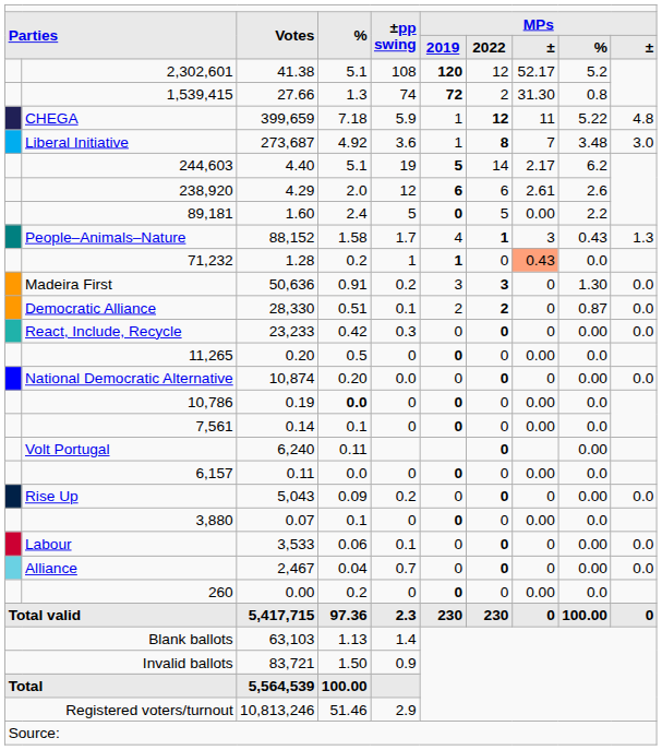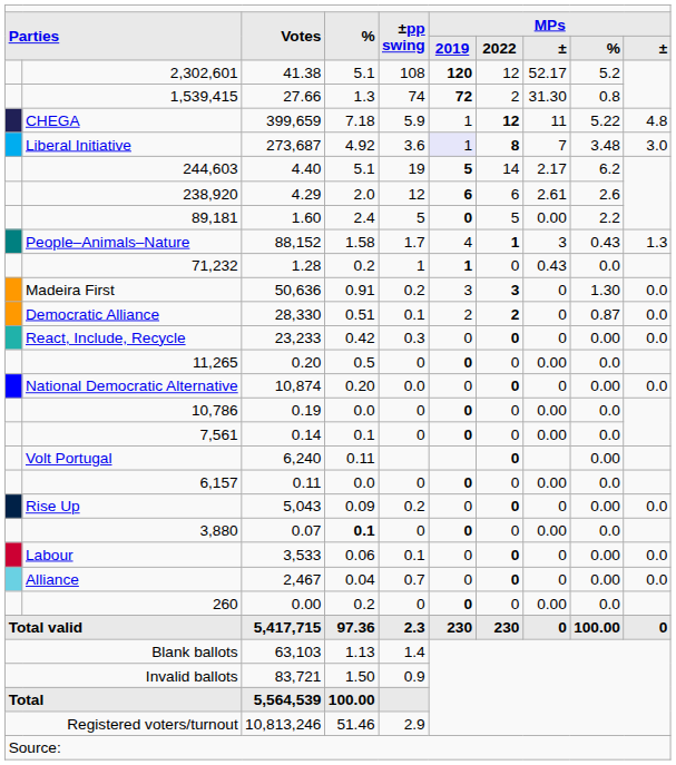 <table class="wikitable" style="text-align:right; font-size:95%;">
 <tr>
 <td colspan=10></td>
 </tr>
 <tr>
 <th rowspan="2" colspan="2" style="background:#e9e9e9; text-align:left;" alignleft><a href='#'>Parties</a></th>
 <th rowspan="2" style="background:#e9e9e9; text-align:right;">Votes</th>
 <th rowspan="2" style="background:#e9e9e9; text-align:right;">%</th>
 <th rowspan="2" style="background:#e9e9e9; text-align:right;">±<a href='#'>pp</a> <a href='#'>swing</a></th>
 <th colspan="5" style="background:#e9e9e9; text-align:center;"><a href='#'>MPs</a></th>
 </tr>
 <tr style="background-color:#E9E9E9">
 <th style="background-color:#E9E9E9;text-align:center;"><a href='#'>2019</a></th>
 <th style="background-color:#E9E9E9;text-align:center;">2022</th>
 <th style="background:#e9e9e9; text-align:right;">±</th>
 <th style="background:#e9e9e9; text-align:right;">%</th>
 <th style="background:#e9e9e9; text-align:right;">±</th>
 </tr>
 <tr>
 <td></td>
 <td>2,302,601</td>
 <td>41.38</td>
 <td>5.1</td>
 <td>108</td>
 <td><strong>120</strong></td>
 <td>12</td>
 <td>52.17</td>
 <td>5.2</td>
 </tr>
 <tr>
 <td></td>
 <td>1,539,415</td>
 <td>27.66</td>
 <td>1.3</td>
 <td>74</td>
 <td><strong>72</strong></td>
 <td>2</td>
 <td>31.30</td>
 <td>0.8</td>
 </tr>
 <tr>
 <td style="width: 10px" bgcolor="#202056" align="center"></td>
 <td align="left"><a href='#'>CHEGA</a></td>
 <td>399,659</td>
 <td>7.18</td>
 <td>5.9</td>
 <td>1</td>
 <td><strong>12</strong></td>
 <td>11</td>
 <td>5.22</td>
 <td>4.8</td>
 </tr>
 <tr>
 <td style="width: 10px" bgcolor="#00ADEF" align="center"></td>
 <td align="left"><a href='#'>Liberal Initiative</a></td>
 <td>273,687</td>
 <td>4.92</td>
 <td>3.6</td>
-<td>1</td>
+<td style="background: lavender;">1</td>
 <td><strong>8</strong></td>
 <td>7</td>
 <td>3.48</td>
 <td>3.0</td>
 </tr>
 <tr>
 <td></td>
 <td>244,603</td>
 <td>4.40</td>
 <td>5.1</td>
 <td>19</td>
 <td><strong>5</strong></td>
 <td>14</td>
 <td>2.17</td>
 <td>6.2</td>
 </tr>
 <tr>
 <td></td>
 <td>238,920</td>
 <td>4.29</td>
 <td>2.0</td>
 <td>12</td>
 <td><strong>6</strong></td>
 <td>6</td>
 <td>2.61</td>
 <td>2.6</td>
 </tr>
 <tr>
 <td></td>
 <td>89,181</td>
 <td>1.60</td>
 <td>2.4</td>
 <td>5</td>
 <td><strong>0</strong></td>
 <td>5</td>
 <td>0.00</td>
 <td>2.2</td>
 </tr>
 <tr>
 <td style="width: 10px" bgcolor="teal" align="center"></td>
 <td align="left"><a href='#'>People–Animals–Nature</a></td>
 <td>88,152</td>
 <td>1.58</td>
 <td>1.7</td>
 <td>4</td>
 <td><strong>1</strong></td>
 <td>3</td>
 <td>0.43</td>
 <td>1.3</td>
 </tr>
 <tr>
 <td></td>
 <td>71,232</td>
 <td>1.28</td>
 <td>0.2</td>
 <td>1</td>
 <td><strong>1</strong></td>
 <td>0</td>
-<td style="background: lightsalmon;">0.43</td>
+<td>0.43</td>
 <td>0.0</td>
 </tr>
 <tr>
 <td style="width: 10px" bgcolor=#FF9900 align="center"></td>
 <td align=left>Madeira First </td>
 <td>50,636</td>
 <td>0.91</td>
 <td>0.2</td>
 <td>3</td>
 <td><strong>3</strong></td>
 <td>0</td>
 <td>1.30</td>
 <td>0.0</td>
 </tr>
 <tr>
 <td style="width: 9px" bgcolor="#FF9900" align="center"></td>
 <td align="left"><a href='#'>Democratic Alliance</a> </td>
 <td>28,330</td>
 <td>0.51</td>
 <td>0.1</td>
 <td>2</td>
 <td><strong>2</strong></td>
 <td>0</td>
 <td>0.87</td>
 <td>0.0</td>
 </tr>
 <tr>
 <td style="width: 10px" bgcolor="LightSeaGreen" align="center"></td>
 <td align="left"><a href='#'>React, Include, Recycle</a></td>
 <td>23,233</td>
 <td>0.42</td>
 <td>0.3</td>
 <td>0</td>
 <td><strong>0</strong></td>
 <td>0</td>
 <td>0.00</td>
 <td>0.0</td>
 </tr>
 <tr>
 <td></td>
 <td>11,265</td>
 <td>0.20</td>
 <td>0.5</td>
 <td>0</td>
 <td><strong>0</strong></td>
 <td>0</td>
 <td>0.00</td>
 <td>0.0</td>
 </tr>
 <tr>
 <td style="width: 10px" bgcolor="blue" align="center"></td>
 <td align="left"><a href='#'>National Democratic Alternative</a></td>
 <td>10,874</td>
 <td>0.20</td>
 <td>0.0</td>
 <td>0</td>
 <td><strong>0</strong></td>
 <td>0</td>
 <td>0.00</td>
 <td>0.0</td>
 </tr>
 <tr>
 <td></td>
 <td>10,786</td>
 <td>0.19</td>
-<td><strong>0.0</strong></td>
+<td>0.0</td>
 <td>0</td>
 <td><strong>0</strong></td>
 <td>0</td>
 <td>0.00</td>
 <td>0.0</td>
 </tr>
 <tr>
 <td></td>
 <td>7,561</td>
 <td>0.14</td>
 <td>0.1</td>
 <td>0</td>
 <td><strong>0</strong></td>
 <td>0</td>
 <td>0.00</td>
 <td>0.0</td>
 </tr>
 <tr>
 <td style="width: 10px"></td>
 <td align="left"><a href='#'>Volt Portugal</a></td>
 <td>6,240</td>
 <td>0.11</td>
 <td></td>
 <td></td>
 <td><strong>0</strong></td>
 <td></td>
 <td>0.00</td>
 <td></td>
 </tr>
 <tr>
 <td></td>
 <td>6,157</td>
 <td>0.11</td>
 <td>0.0</td>
 <td>0</td>
 <td><strong>0</strong></td>
 <td>0</td>
 <td>0.00</td>
 <td>0.0</td>
 </tr>
 <tr>
 <td style="width: 10px" bgcolor="#002147" align="center"></td>
 <td align="left"><a href='#'>Rise Up</a></td>
 <td>5,043</td>
 <td>0.09</td>
 <td>0.2</td>
 <td>0</td>
 <td><strong>0</strong></td>
 <td>0</td>
 <td>0.00</td>
 <td>0.0</td>
 </tr>
 <tr>
 <td></td>
 <td>3,880</td>
 <td>0.07</td>
-<td>0.1</td>
+<td><strong>0.1</strong></td>
 <td>0</td>
 <td><strong>0</strong></td>
 <td>0</td>
 <td>0.00</td>
 <td>0.0</td>
 </tr>
 <tr>
 <td style="width: 10px" bgcolor="#CC0033" align="center"></td>
 <td align="left"><a href='#'>Labour</a></td>
 <td>3,533</td>
 <td>0.06</td>
 <td>0.1</td>
 <td>0</td>
 <td><strong>0</strong></td>
 <td>0</td>
 <td>0.00</td>
 <td>0.0</td>
 </tr>
 <tr>
 <td style="width: 10px" bgcolor="#6AD1E3" align="center"></td>
 <td align="left"><a href='#'>Alliance</a></td>
 <td>2,467</td>
 <td>0.04</td>
 <td>0.7</td>
 <td>0</td>
 <td><strong>0</strong></td>
 <td>0</td>
 <td>0.00</td>
 <td>0.0</td>
 </tr>
 <tr>
 <td></td>
 <td>260</td>
 <td>0.00</td>
 <td>0.2</td>
 <td>0</td>
 <td><strong>0</strong></td>
 <td>0</td>
 <td>0.00</td>
 <td>0.0</td>
 </tr>
 <tr>
 <td colspan=2 align=left style="background-color:#E9E9E9"><strong>Total valid</strong></td>
 <td width="65" align="right" style="background-color:#E9E9E9"><strong>5,417,715</strong></td>
 <td width="40" align="right" style="background-color:#E9E9E9"><strong>97.36</strong></td>
 <td width="40" align="right" style="background-color:#E9E9E9"><strong>2.3</strong></td>
 <td width="40" align="right" style="background-color:#E9E9E9"><strong>230</strong></td>
 <td width="40" align="right" style="background-color:#E9E9E9"><strong>230</strong></td>
 <td width="40" align="right" style="background-color:#E9E9E9"><strong>0</strong></td>
 <td width="40" align="right" style="background-color:#E9E9E9"><strong>100.00</strong></td>
 <td width="40" align="right" style="background-color:#E9E9E9"><strong>0</strong></td>
 </tr>
 <tr>
 <td colspan=2>Blank ballots</td>
 <td>63,103</td>
 <td>1.13</td>
 <td>1.4</td>
 <td colspan=5 rowspan=4></td>
 </tr>
 <tr>
 <td colspan=2>Invalid ballots</td>
 <td>83,721</td>
 <td>1.50</td>
 <td>0.9</td>
 </tr>
 <tr>
 <td colspan=2 align=left style="background-color:#E9E9E9"><strong>Total</strong></td>
 <td width="50" align="right" style="background-color:#E9E9E9"><strong>5,564,539</strong></td>
 <td width="40" align="right" style="background-color:#E9E9E9"><strong>100.00</strong></td>
 <td width="40" align="right" style="background-color:#E9E9E9"></td>
 </tr>
 <tr>
 <td colspan=2>Registered voters/turnout</td>
 <td>10,813,246</td>
 <td>51.46</td>
 <td>2.9</td>
 </tr>
 <tr>
 <td colspan=10 align=left>Source: </td>
 </tr>
 </table>
